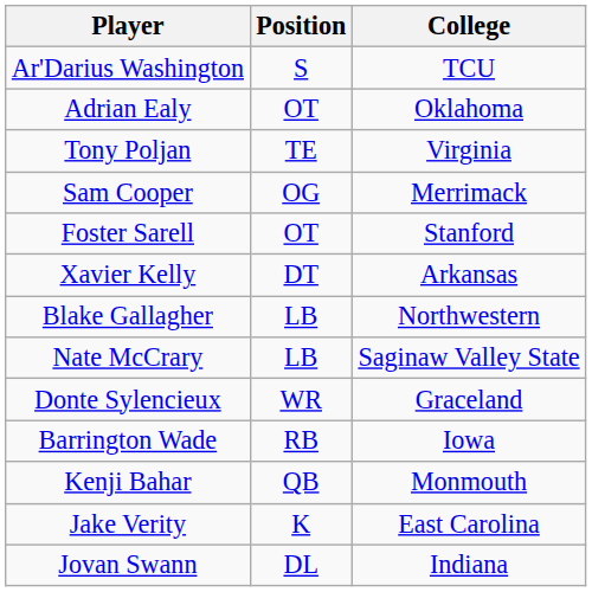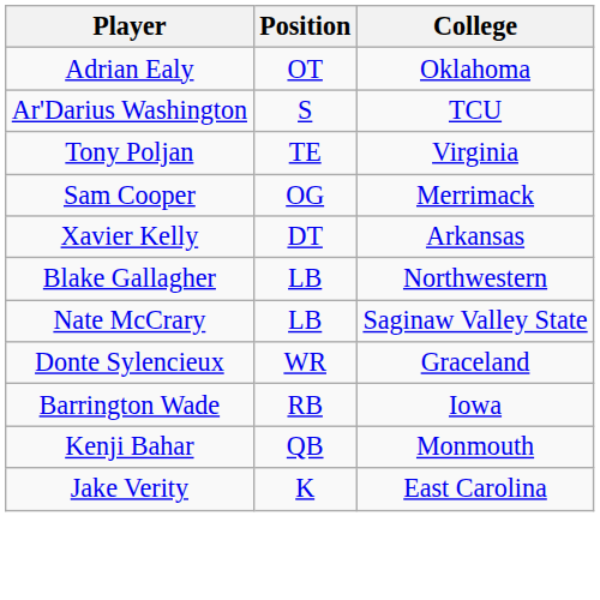 <table class="wikitable" style="text-align:center">
 <tr>
 <th>Player</th>
 <th>Position</th>
 <th>College</th>
 </tr>
 <tr>
+<td><a href='#'>Adrian Ealy</a></td>
+<td><a href='#'>OT</a></td>
+<td><a href='#'>Oklahoma</a></td>
+</tr>
+<tr>
 <td><a href='#'>Ar'Darius Washington</a></td>
 <td><a href='#'>S</a></td>
 <td><a href='#'>TCU</a></td>
-</tr>
-<tr>
-<td><a href='#'>Adrian Ealy</a></td>
-<td><a href='#'>OT</a></td>
-<td><a href='#'>Oklahoma</a></td>
 </tr>
 <tr>
 <td><a href='#'>Tony Poljan</a></td>
 <td><a href='#'>TE</a></td>
 <td><a href='#'>Virginia</a></td>
 </tr>
 <tr>
 <td><a href='#'>Sam Cooper</a></td>
 <td><a href='#'>OG</a></td>
 <td><a href='#'>Merrimack</a></td>
-</tr>
-<tr>
-<td><a href='#'>Foster Sarell</a></td>
-<td><a href='#'>OT</a></td>
-<td><a href='#'>Stanford</a></td>
 </tr>
 <tr>
 <td><a href='#'>Xavier Kelly</a></td>
 <td><a href='#'>DT</a></td>
 <td><a href='#'>Arkansas</a></td>
 </tr>
 <tr>
 <td><a href='#'>Blake Gallagher</a></td>
 <td><a href='#'>LB</a></td>
 <td><a href='#'>Northwestern</a></td>
 </tr>
 <tr>
 <td><a href='#'>Nate McCrary</a></td>
 <td><a href='#'>LB</a></td>
 <td><a href='#'>Saginaw Valley State</a></td>
 </tr>
 <tr>
 <td><a href='#'>Donte Sylencieux</a></td>
 <td><a href='#'>WR</a></td>
 <td><a href='#'>Graceland</a></td>
 </tr>
 <tr>
 <td><a href='#'>Barrington Wade</a></td>
 <td><a href='#'>RB</a></td>
 <td><a href='#'>Iowa</a></td>
 </tr>
 <tr>
 <td><a href='#'>Kenji Bahar</a></td>
 <td><a href='#'>QB</a></td>
 <td><a href='#'>Monmouth</a></td>
 </tr>
 <tr>
 <td><a href='#'>Jake Verity</a></td>
 <td><a href='#'>K</a></td>
 <td><a href='#'>East Carolina</a></td>
 </tr>
-<tr>
-<td><a href='#'>Jovan Swann</a></td>
-<td><a href='#'>DL</a></td>
-<td><a href='#'>Indiana</a></td>
-</tr>
 </table>
